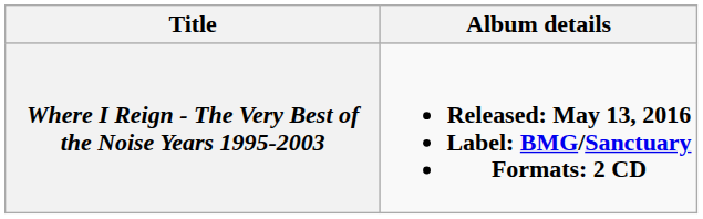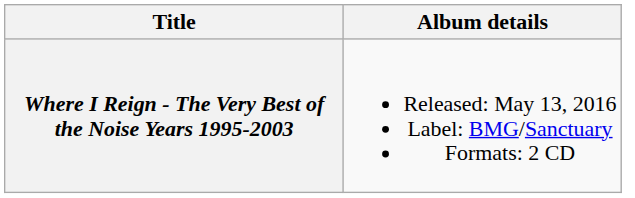 <table class="wikitable plainrowheaders" style="text-align:center;">
 <tr>
 <th scope="col" style="width:15em;">Title</th>
 <th scope="col">Album details</th>
 </tr>
 <tr>
 <th scope="row"><em>Where I Reign - The Very Best of the Noise Years 1995-2003</em></th>
-<td><strong><br><ul><li>Released: May 13, 2016</li><li>Label: <a href='#'>BMG</a>/<a href='#'>Sanctuary</a></li><li>Formats: 2 CD</li></ul></strong></td>
+<td><br><ul><li>Released: May 13, 2016</li><li>Label: <a href='#'>BMG</a>/<a href='#'>Sanctuary</a></li><li>Formats: 2 CD</li></ul></td>
 </tr>
 </table>
